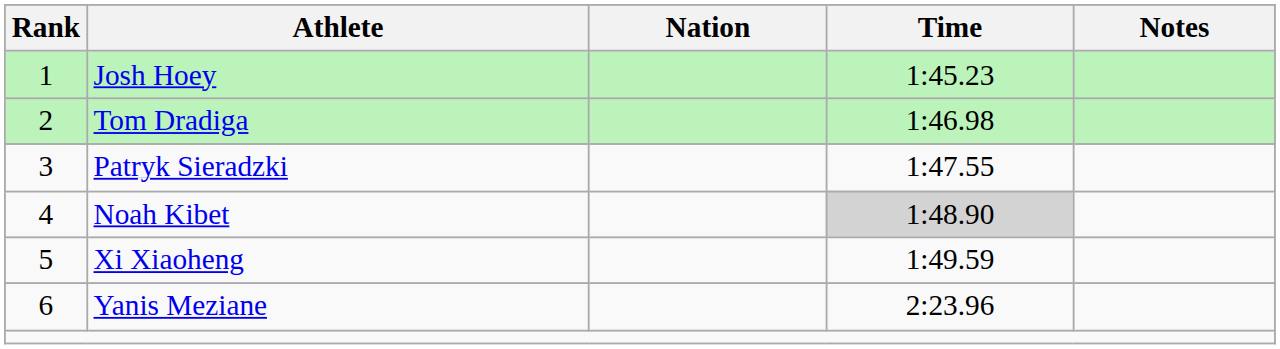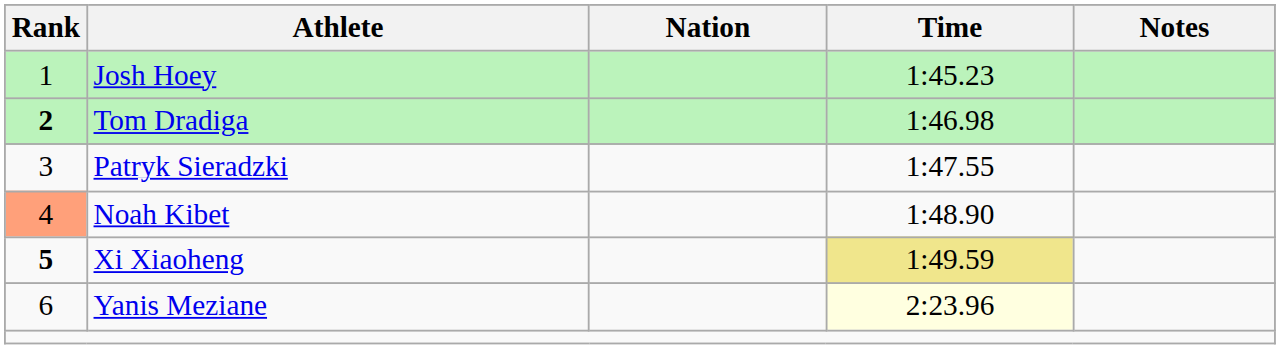 <table class="wikitable sortable" style="text-align:center;width: 55%;">
 <tr>
 <th scope="col" style="width: 10px;">Rank</th>
 <th scope="col">Athlete</th>
 <th scope="col">Nation</th>
 <th scope="col">Time</th>
 <th scope="col">Notes</th>
 </tr>
 <tr bgcolor=bbf3bb>
 <td>1</td>
 <td align=left><a href='#'>Josh Hoey</a></td>
 <td align=left></td>
 <td>1:45.23</td>
 <td></td>
 </tr>
 <tr bgcolor=bbf3bb>
-<td>2</td>
+<td><strong>2</strong></td>
 <td align=left><a href='#'>Tom Dradiga</a></td>
 <td align=left></td>
 <td>1:46.98</td>
 <td></td>
 </tr>
 <tr>
 <td>3</td>
 <td align=left><a href='#'>Patryk Sieradzki</a></td>
 <td align=left></td>
 <td>1:47.55</td>
 <td></td>
 </tr>
 <tr>
-<td>4</td>
+<td style="background: lightsalmon;">4</td>
 <td align=left><a href='#'>Noah Kibet</a></td>
 <td align=left></td>
-<td style="background: lightgrey;">1:48.90</td>
+<td>1:48.90</td>
 <td></td>
 </tr>
 <tr>
-<td>5</td>
+<td><strong>5</strong></td>
 <td align=left><a href='#'>Xi Xiaoheng</a></td>
 <td align=left></td>
-<td>1:49.59</td>
+<td style="background: khaki;">1:49.59</td>
 <td></td>
 </tr>
 <tr>
 <td>6</td>
 <td align=left><a href='#'>Yanis Meziane</a></td>
 <td align=left></td>
-<td>2:23.96</td>
+<td style="background: lightyellow;">2:23.96</td>
 <td></td>
 </tr>
 <tr class="sortbottom">
 <td colspan="5"></td>
 </tr>
 </table>
